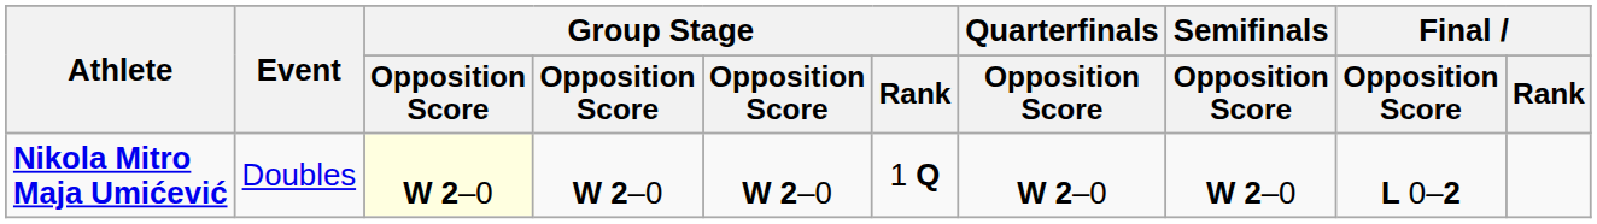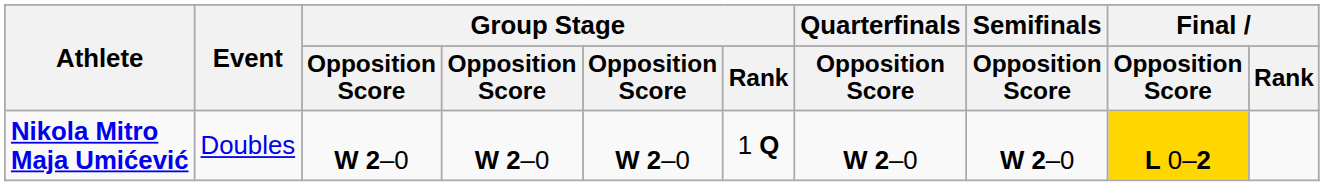 <table class=wikitable style="font-size:90%">
 <tr>
 <th rowspan="2">Athlete</th>
 <th rowspan="2">Event</th>
 <th colspan=4>Group Stage</th>
 <th>Quarterfinals</th>
 <th>Semifinals</th>
 <th colspan=2>Final / </th>
 </tr>
 <tr style="font-size:95%">
 <th>Opposition<br>Score</th>
 <th>Opposition<br>Score</th>
 <th>Opposition<br>Score</th>
 <th>Rank</th>
 <th>Opposition<br>Score</th>
 <th>Opposition<br>Score</th>
 <th>Opposition<br>Score</th>
 <th>Rank</th>
 </tr>
 <tr align=center>
 <td align=left><strong><a href='#'>Nikola Mitro</a><br><a href='#'>Maja Umićević</a></strong></td>
 <td align=left><a href='#'>Doubles</a></td>
-<td style="background: lightyellow;"><br><strong>W</strong> <strong>2</strong>–0</td>
+<td><br><strong>W</strong> <strong>2</strong>–0</td>
 <td><br><strong>W</strong> <strong>2</strong>–0</td>
 <td><br><strong>W</strong> <strong>2</strong>–0</td>
 <td>1 <strong>Q</strong></td>
 <td><br><strong>W</strong> <strong>2</strong>–0</td>
 <td><br><strong>W</strong> <strong>2</strong>–0</td>
-<td><br><strong>L</strong> 0–<strong>2</strong></td>
+<td style="background: gold;"><br><strong>L</strong> 0–<strong>2</strong></td>
 <td></td>
 </tr>
 </table>
